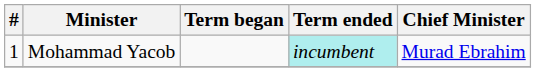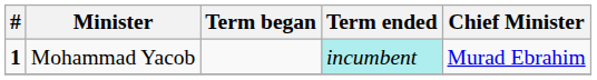 <table class="wikitable">
 <tr>
 <th>#</th>
 <th>Minister</th>
 <th>Term began</th>
 <th>Term ended</th>
 <th>Chief Minister</th>
 </tr>
 <tr>
-<td>1</td>
+<td><strong>1</strong></td>
 <td>Mohammad Yacob</td>
 <td></td>
 <td style="background: paleturquoise;"><em>incumbent</em></td>
 <td><a href='#'>Murad Ebrahim</a></td>
 </tr>
 <tr>
 </tr>
 </table>
